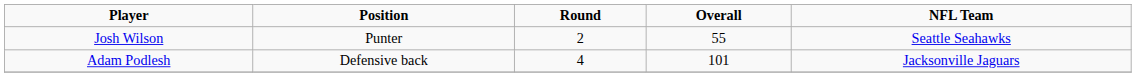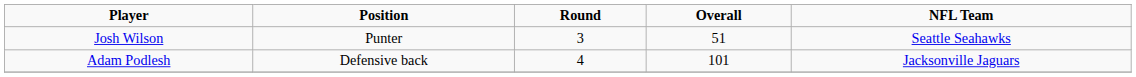 <table class="wikitable" width="80%">
 <tr align="center">
 <td><strong>Player</strong></td>
 <td><strong>Position</strong></td>
 <td><strong>Round</strong></td>
 <td><strong>Overall</strong></td>
 <td><strong>NFL Team</strong></td>
 </tr>
 <tr align="center" bgcolor="">
 <td><a href='#'>Josh Wilson</a></td>
 <td>Punter</td>
-<td>2</td>
-<td>55</td>
+<td>3</td>
+<td>51</td>
 <td><a href='#'>Seattle Seahawks</a></td>
 </tr>
 <tr align="center" bgcolor="">
 <td><a href='#'>Adam Podlesh</a></td>
 <td>Defensive back</td>
 <td>4</td>
 <td>101</td>
 <td><a href='#'>Jacksonville Jaguars</a></td>
 </tr>
 <tr align="center" bgcolor="">
 </tr>
 </table>
